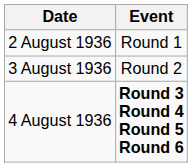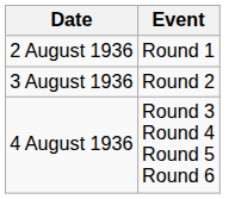 <table class = "wikitable" style="text-align:center;">
 <tr>
 <th>Date</th>
 <th>Event</th>
 </tr>
 <tr>
 <td>2 August 1936</td>
 <td>Round 1</td>
 </tr>
 <tr>
 <td>3 August 1936</td>
 <td>Round 2</td>
 </tr>
 <tr>
 <td>4 August 1936</td>
-<td><strong>Round 3<br>Round 4<br>Round 5<br>Round 6</strong></td>
+<td>Round 3<br>Round 4<br>Round 5<br>Round 6</td>
 </tr>
 </table>
